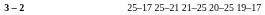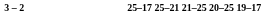 <table width=100% cellspacing=1>
 <tr>
 <th width=20%></th>
 <th width=12%></th>
 <th width=20%></th>
 <th width=33%></th>
 <td></td>
 </tr>
 <tr style=font-size:90%>
 <td align=right><strong></strong></td>
 <td align=center><strong>3 – 2</strong></td>
 <td></td>
-<td>25–17 25–21 21–25 20–25 19–17</td>
+<td><strong>25–17 25–21 21–25 20–25 19–17</strong></td>
 </tr>
 </table>
